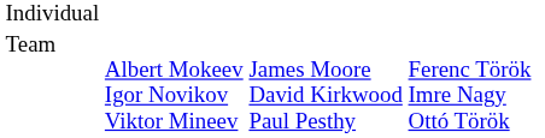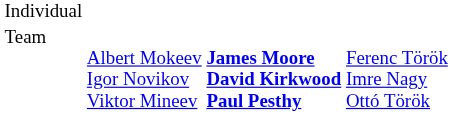 <table>
 <tr valign="top">
 <td>Individual <br> </td>
 <td></td>
 <td></td>
 <td></td>
 </tr>
 <tr valign="top">
 <td>Team <br> </td>
 <td><br><a href='#'>Albert Mokeev</a><br><a href='#'>Igor Novikov</a><br><a href='#'>Viktor Mineev</a></td>
-<td><br><a href='#'>James Moore</a><br><a href='#'>David Kirkwood</a><br><a href='#'>Paul Pesthy</a></td>
+<td><strong><br><a href='#'>James Moore</a><br><a href='#'>David Kirkwood</a><br><a href='#'>Paul Pesthy</a></strong></td>
 <td><br><a href='#'>Ferenc Török</a><br><a href='#'>Imre Nagy</a><br><a href='#'>Ottó Török</a></td>
 </tr>
 </table>
